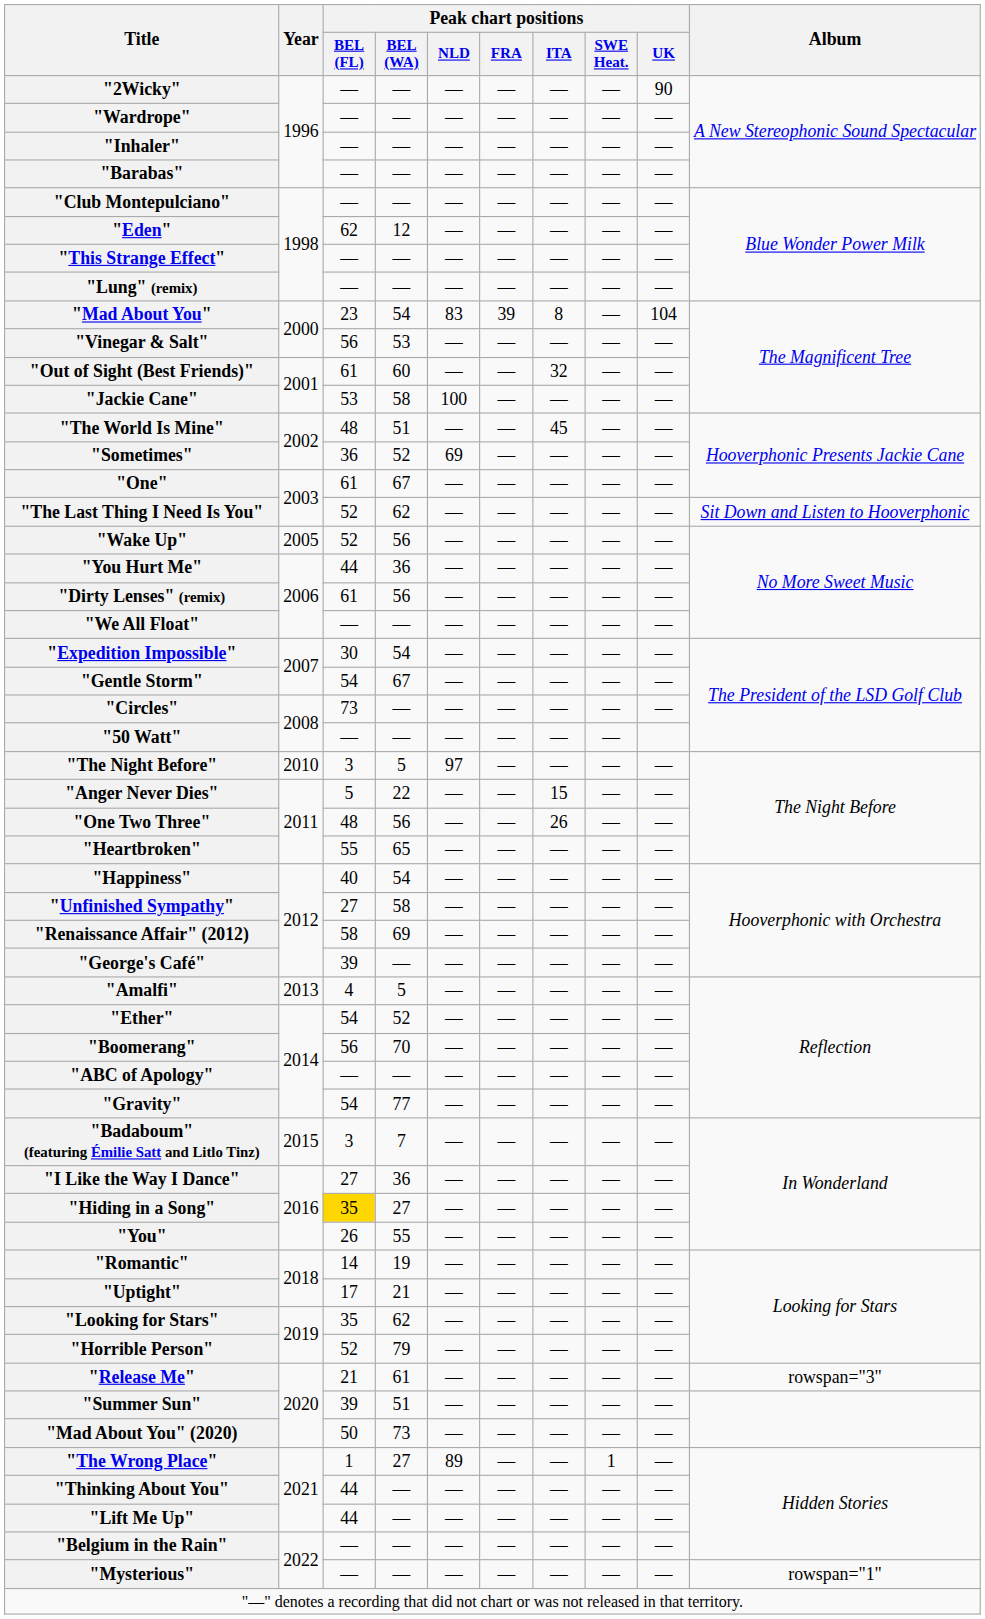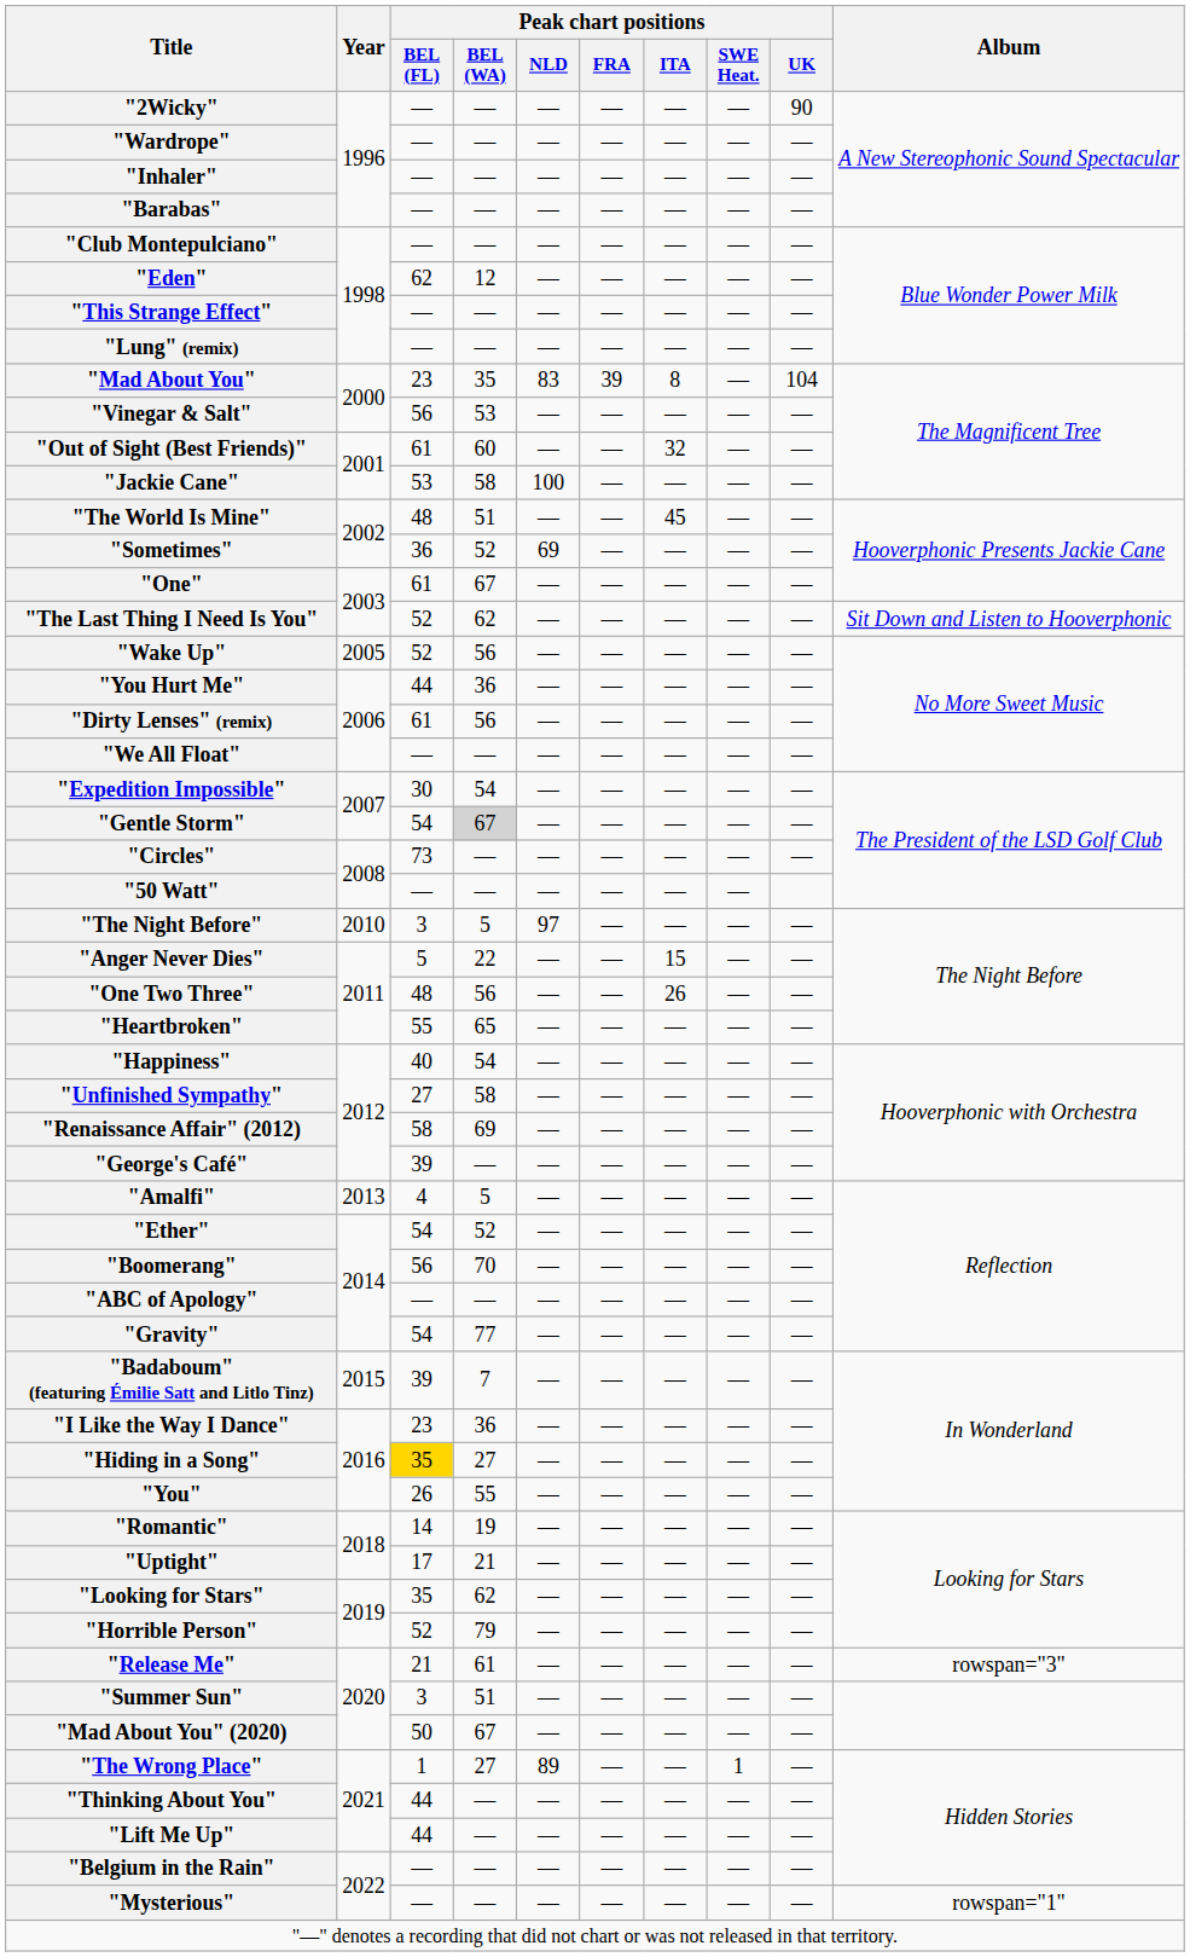 <table class="wikitable plainrowheaders" style="text-align:center;">
 <tr>
 <th scope="col" rowspan="2" style="width:15em;">Title</th>
 <th scope="col" rowspan="2" style="width:1em;">Year</th>
 <th scope="col" colspan="7">Peak chart positions</th>
 <th scope="col" rowspan="2">Album</th>
 </tr>
 <tr>
 <th scope="col" style="width:3em;font-size:85%;"><a href='#'>BEL<br>(FL)</a><br></th>
 <th scope="col" style="width:3em;font-size:85%;"><a href='#'>BEL<br>(WA)</a><br></th>
 <th scope="col" style="width:3em;font-size:85%;"><a href='#'>NLD</a><br></th>
 <th scope="col" style="width:3em;font-size:85%;"><a href='#'>FRA</a><br></th>
 <th scope="col" style="width:3em;font-size:85%;"><a href='#'>ITA</a><br></th>
 <th scope="col" style="width:3em;font-size:85%;"><a href='#'>SWE<br>Heat.</a><br></th>
 <th scope="col" style="width:3em;font-size:85%;"><a href='#'>UK</a><br></th>
 </tr>
 <tr>
 <th scope="row">"2Wicky"</th>
 <td rowspan="4">1996</td>
 <td>—</td>
 <td>—</td>
 <td>—</td>
 <td>—</td>
 <td>—</td>
 <td>—</td>
 <td>90</td>
 <td rowspan="4"><em><a href='#'>A New Stereophonic Sound Spectacular</a></em></td>
 </tr>
 <tr>
 <th scope="row">"Wardrope"</th>
 <td>—</td>
 <td>—</td>
 <td>—</td>
 <td>—</td>
 <td>—</td>
 <td>—</td>
 <td>—</td>
 </tr>
 <tr>
 <th scope="row">"Inhaler"</th>
 <td>—</td>
 <td>—</td>
 <td>—</td>
 <td>—</td>
 <td>—</td>
 <td>—</td>
 <td>—</td>
 </tr>
 <tr>
 <th scope="row">"Barabas"</th>
 <td>—</td>
 <td>—</td>
 <td>—</td>
 <td>—</td>
 <td>—</td>
 <td>—</td>
 <td>—</td>
 </tr>
 <tr>
 <th scope="row">"Club Montepulciano"</th>
 <td rowspan="4">1998</td>
 <td>—</td>
 <td>—</td>
 <td>—</td>
 <td>—</td>
 <td>—</td>
 <td>—</td>
 <td>—</td>
 <td rowspan="4"><em><a href='#'>Blue Wonder Power Milk</a></em></td>
 </tr>
 <tr>
 <th scope="row">"<a href='#'>Eden</a>"</th>
 <td>62</td>
 <td>12</td>
 <td>—</td>
 <td>—</td>
 <td>—</td>
 <td>—</td>
 <td>—</td>
 </tr>
 <tr>
 <th scope="row">"<a href='#'>This Strange Effect</a>"</th>
 <td>—</td>
 <td>—</td>
 <td>—</td>
 <td>—</td>
 <td>—</td>
 <td>—</td>
 <td>—</td>
 </tr>
 <tr>
 <th scope="row">"Lung" <small>(remix)</small></th>
 <td>—</td>
 <td>—</td>
 <td>—</td>
 <td>—</td>
 <td>—</td>
 <td>—</td>
 <td>—</td>
 </tr>
 <tr>
 <th scope="row">"<a href='#'>Mad About You</a>"</th>
 <td rowspan="2">2000</td>
 <td>23</td>
-<td>54</td>
+<td>35</td>
 <td>83</td>
 <td>39</td>
 <td>8</td>
 <td>—</td>
 <td>104</td>
 <td rowspan="4"><em><a href='#'>The Magnificent Tree</a></em></td>
 </tr>
 <tr>
 <th scope="row">"Vinegar & Salt"</th>
 <td>56</td>
 <td>53</td>
 <td>—</td>
 <td>—</td>
 <td>—</td>
 <td>—</td>
 <td>—</td>
 </tr>
 <tr>
 <th scope="row">"Out of Sight (Best Friends)"</th>
 <td rowspan="2">2001</td>
 <td>61</td>
 <td>60</td>
 <td>—</td>
 <td>—</td>
 <td>32</td>
 <td>—</td>
 <td>—</td>
 </tr>
 <tr>
 <th scope="row">"Jackie Cane"</th>
 <td>53</td>
 <td>58</td>
 <td>100</td>
 <td>—</td>
 <td>—</td>
 <td>—</td>
 <td>—</td>
 </tr>
 <tr>
 <th scope="row">"The World Is Mine"</th>
 <td rowspan="2">2002</td>
 <td>48</td>
 <td>51</td>
 <td>—</td>
 <td>—</td>
 <td>45</td>
 <td>—</td>
 <td>—</td>
 <td rowspan="3"><em><a href='#'>Hooverphonic Presents Jackie Cane</a></em></td>
 </tr>
 <tr>
 <th scope="row">"Sometimes"</th>
 <td>36</td>
 <td>52</td>
 <td>69</td>
 <td>—</td>
 <td>—</td>
 <td>—</td>
 <td>—</td>
 </tr>
 <tr>
 <th scope="row">"One"</th>
 <td rowspan="2">2003</td>
 <td>61</td>
 <td>67</td>
 <td>—</td>
 <td>—</td>
 <td>—</td>
 <td>—</td>
 <td>—</td>
 </tr>
 <tr>
 <th scope="row">"The Last Thing I Need Is You"</th>
 <td>52</td>
 <td>62</td>
 <td>—</td>
 <td>—</td>
 <td>—</td>
 <td>—</td>
 <td>—</td>
 <td><em><a href='#'>Sit Down and Listen to Hooverphonic</a></em></td>
 </tr>
 <tr>
 <th scope="row">"Wake Up"</th>
 <td>2005</td>
 <td>52</td>
 <td>56</td>
 <td>—</td>
 <td>—</td>
 <td>—</td>
 <td>—</td>
 <td>—</td>
 <td rowspan="4"><em><a href='#'>No More Sweet Music</a></em></td>
 </tr>
 <tr>
 <th scope="row">"You Hurt Me"</th>
 <td rowspan="3">2006</td>
 <td>44</td>
 <td>36</td>
 <td>—</td>
 <td>—</td>
 <td>—</td>
 <td>—</td>
 <td>—</td>
 </tr>
 <tr>
 <th scope="row">"Dirty Lenses" <small>(remix)</small></th>
 <td>61</td>
 <td>56</td>
 <td>—</td>
 <td>—</td>
 <td>—</td>
 <td>—</td>
 <td>—</td>
 </tr>
 <tr>
 <th scope="row">"We All Float"</th>
 <td>—</td>
 <td>—</td>
 <td>—</td>
 <td>—</td>
 <td>—</td>
 <td>—</td>
 <td>—</td>
 </tr>
 <tr>
 <th scope="row">"<a href='#'>Expedition Impossible</a>"</th>
 <td rowspan="2">2007</td>
 <td>30</td>
 <td>54</td>
 <td>—</td>
 <td>—</td>
 <td>—</td>
 <td>—</td>
 <td>—</td>
 <td rowspan="4"><em><a href='#'>The President of the LSD Golf Club</a></em></td>
 </tr>
 <tr>
 <th scope="row">"Gentle Storm"</th>
 <td>54</td>
-<td>67</td>
+<td style="background: lightgrey;">67</td>
 <td>—</td>
 <td>—</td>
 <td>—</td>
 <td>—</td>
 <td>—</td>
 </tr>
 <tr>
 <th scope="row">"Circles"</th>
 <td rowspan="2">2008</td>
 <td>73</td>
 <td>—</td>
 <td>—</td>
 <td>—</td>
 <td>—</td>
 <td>—</td>
 <td>—</td>
 </tr>
 <tr>
 <th scope="row">"50 Watt"</th>
 <td>—</td>
 <td>—</td>
 <td>—</td>
 <td>—</td>
 <td>—</td>
 <td>—</td>
 </tr>
 <tr>
 <th scope="row">"The Night Before"</th>
 <td>2010</td>
 <td>3</td>
 <td>5</td>
 <td>97</td>
 <td>—</td>
 <td>—</td>
 <td>—</td>
 <td>—</td>
 <td rowspan="4"><em>The Night Before</em></td>
 </tr>
 <tr>
 <th scope="row">"Anger Never Dies"</th>
 <td rowspan="3">2011</td>
 <td>5</td>
 <td>22</td>
 <td>—</td>
 <td>—</td>
 <td>15</td>
 <td>—</td>
 <td>—</td>
 </tr>
 <tr>
 <th scope="row">"One Two Three"</th>
 <td>48</td>
 <td>56</td>
 <td>—</td>
 <td>—</td>
 <td>26</td>
 <td>—</td>
 <td>—</td>
 </tr>
 <tr>
 <th scope="row">"Heartbroken"</th>
 <td>55</td>
 <td>65</td>
 <td>—</td>
 <td>—</td>
 <td>—</td>
 <td>—</td>
 <td>—</td>
 </tr>
 <tr>
 <th scope="row">"Happiness"</th>
 <td rowspan="4">2012</td>
 <td>40</td>
 <td>54</td>
 <td>—</td>
 <td>—</td>
 <td>—</td>
 <td>—</td>
 <td>—</td>
 <td rowspan="4"><em>Hooverphonic with Orchestra</em></td>
 </tr>
 <tr>
 <th scope="row">"<a href='#'>Unfinished Sympathy</a>"</th>
 <td>27</td>
 <td>58</td>
 <td>—</td>
 <td>—</td>
 <td>—</td>
 <td>—</td>
 <td>—</td>
 </tr>
 <tr>
 <th scope="row">"Renaissance Affair" (2012)</th>
 <td>58</td>
 <td>69</td>
 <td>—</td>
 <td>—</td>
 <td>—</td>
 <td>—</td>
 <td>—</td>
 </tr>
 <tr>
 <th scope="row">"George's Café"</th>
 <td>39</td>
 <td>—</td>
 <td>—</td>
 <td>—</td>
 <td>—</td>
 <td>—</td>
 <td>—</td>
 </tr>
 <tr>
 <th scope="row">"Amalfi"</th>
 <td>2013</td>
 <td>4</td>
 <td>5</td>
 <td>—</td>
 <td>—</td>
 <td>—</td>
 <td>—</td>
 <td>—</td>
 <td rowspan="5"><em>Reflection</em></td>
 </tr>
 <tr>
 <th scope="row">"Ether"</th>
 <td rowspan="4">2014</td>
 <td>54</td>
 <td>52</td>
 <td>—</td>
 <td>—</td>
 <td>—</td>
 <td>—</td>
 <td>—</td>
 </tr>
 <tr>
 <th scope="row">"Boomerang"</th>
 <td>56</td>
 <td>70</td>
 <td>—</td>
 <td>—</td>
 <td>—</td>
 <td>—</td>
 <td>—</td>
 </tr>
 <tr>
 <th scope="row">"ABC of Apology"</th>
 <td>—</td>
 <td>—</td>
 <td>—</td>
 <td>—</td>
 <td>—</td>
 <td>—</td>
 <td>—</td>
 </tr>
 <tr>
 <th scope="row">"Gravity"</th>
 <td>54</td>
 <td>77</td>
 <td>—</td>
 <td>—</td>
 <td>—</td>
 <td>—</td>
 <td>—</td>
 </tr>
 <tr>
 <th scope="row">"Badaboum"<br><small>(featuring <a href='#'>Émilie Satt</a> and Litlo Tinz)</small></th>
 <td>2015</td>
-<td>3</td>
+<td>39</td>
 <td>7</td>
 <td>—</td>
 <td>—</td>
 <td>—</td>
 <td>—</td>
 <td>—</td>
 <td rowspan="4"><em>In Wonderland</em></td>
 </tr>
 <tr>
 <th scope="row">"I Like the Way I Dance"</th>
 <td rowspan="3">2016</td>
-<td>27</td>
+<td>23</td>
 <td>36</td>
 <td>—</td>
 <td>—</td>
 <td>—</td>
 <td>—</td>
 <td>—</td>
 </tr>
 <tr>
 <th scope="row">"Hiding in a Song"</th>
 <td style="background: gold;">35</td>
 <td>27</td>
 <td>—</td>
 <td>—</td>
 <td>—</td>
 <td>—</td>
 <td>—</td>
 </tr>
 <tr>
 <th scope="row">"You"</th>
 <td>26</td>
 <td>55</td>
 <td>—</td>
 <td>—</td>
 <td>—</td>
 <td>—</td>
 <td>—</td>
 </tr>
 <tr>
 <th scope="row">"Romantic"</th>
 <td rowspan="2">2018</td>
 <td>14</td>
 <td>19</td>
 <td>—</td>
 <td>—</td>
 <td>—</td>
 <td>—</td>
 <td>—</td>
 <td rowspan="4"><em>Looking for Stars</em></td>
 </tr>
 <tr>
 <th scope="row">"Uptight"</th>
 <td>17</td>
 <td>21</td>
 <td>—</td>
 <td>—</td>
 <td>—</td>
 <td>—</td>
 <td>—</td>
 </tr>
 <tr>
 <th scope="row">"Looking for Stars"</th>
 <td rowspan="2">2019</td>
 <td>35</td>
 <td>62</td>
 <td>—</td>
 <td>—</td>
 <td>—</td>
 <td>—</td>
 <td>—</td>
 </tr>
 <tr>
 <th scope="row">"Horrible Person"</th>
 <td>52</td>
 <td>79</td>
 <td>—</td>
 <td>—</td>
 <td>—</td>
 <td>—</td>
 <td>—</td>
 </tr>
 <tr>
 <th scope="row">"<a href='#'>Release Me</a>"</th>
 <td rowspan="3">2020</td>
 <td>21</td>
 <td>61</td>
 <td>—</td>
 <td>—</td>
 <td>—</td>
 <td>—</td>
 <td>—</td>
 <td>rowspan="3" </td>
 </tr>
 <tr>
 <th scope="row">"Summer Sun"</th>
-<td>39</td>
+<td>3</td>
 <td>51</td>
 <td>—</td>
 <td>—</td>
 <td>—</td>
 <td>—</td>
 <td>—</td>
 </tr>
 <tr>
 <th scope="row">"Mad About You" (2020)</th>
 <td>50</td>
-<td>73</td>
+<td>67</td>
 <td>—</td>
 <td>—</td>
 <td>—</td>
 <td>—</td>
 <td>—</td>
 </tr>
 <tr>
 <th scope="row">"<a href='#'>The Wrong Place</a>"</th>
 <td rowspan="3">2021</td>
 <td>1</td>
 <td>27</td>
 <td>89</td>
 <td>—</td>
 <td>—</td>
 <td>1</td>
 <td>—</td>
 <td rowspan="4"><em>Hidden Stories</em></td>
 </tr>
 <tr>
 <th scope="row">"Thinking About You"</th>
 <td>44</td>
 <td>—</td>
 <td>—</td>
 <td>—</td>
 <td>—</td>
 <td>—</td>
 <td>—</td>
 </tr>
 <tr>
 <th scope="row">"Lift Me Up"</th>
 <td>44</td>
 <td>—</td>
 <td>—</td>
 <td>—</td>
 <td>—</td>
 <td>—</td>
 <td>—</td>
 </tr>
 <tr>
 <th scope="row">"Belgium in the Rain"</th>
 <td rowspan="2">2022</td>
 <td>—</td>
 <td>—</td>
 <td>—</td>
 <td>—</td>
 <td>—</td>
 <td>—</td>
 <td>—</td>
 </tr>
 <tr>
 <th scope="row">"Mysterious"</th>
 <td>—</td>
 <td>—</td>
 <td>—</td>
 <td>—</td>
 <td>—</td>
 <td>—</td>
 <td>—</td>
 <td>rowspan="1" </td>
 </tr>
 <tr>
 <td colspan="15" style="font-size:90%">"—" denotes a recording that did not chart or was not released in that territory.</td>
 </tr>
 </table>
